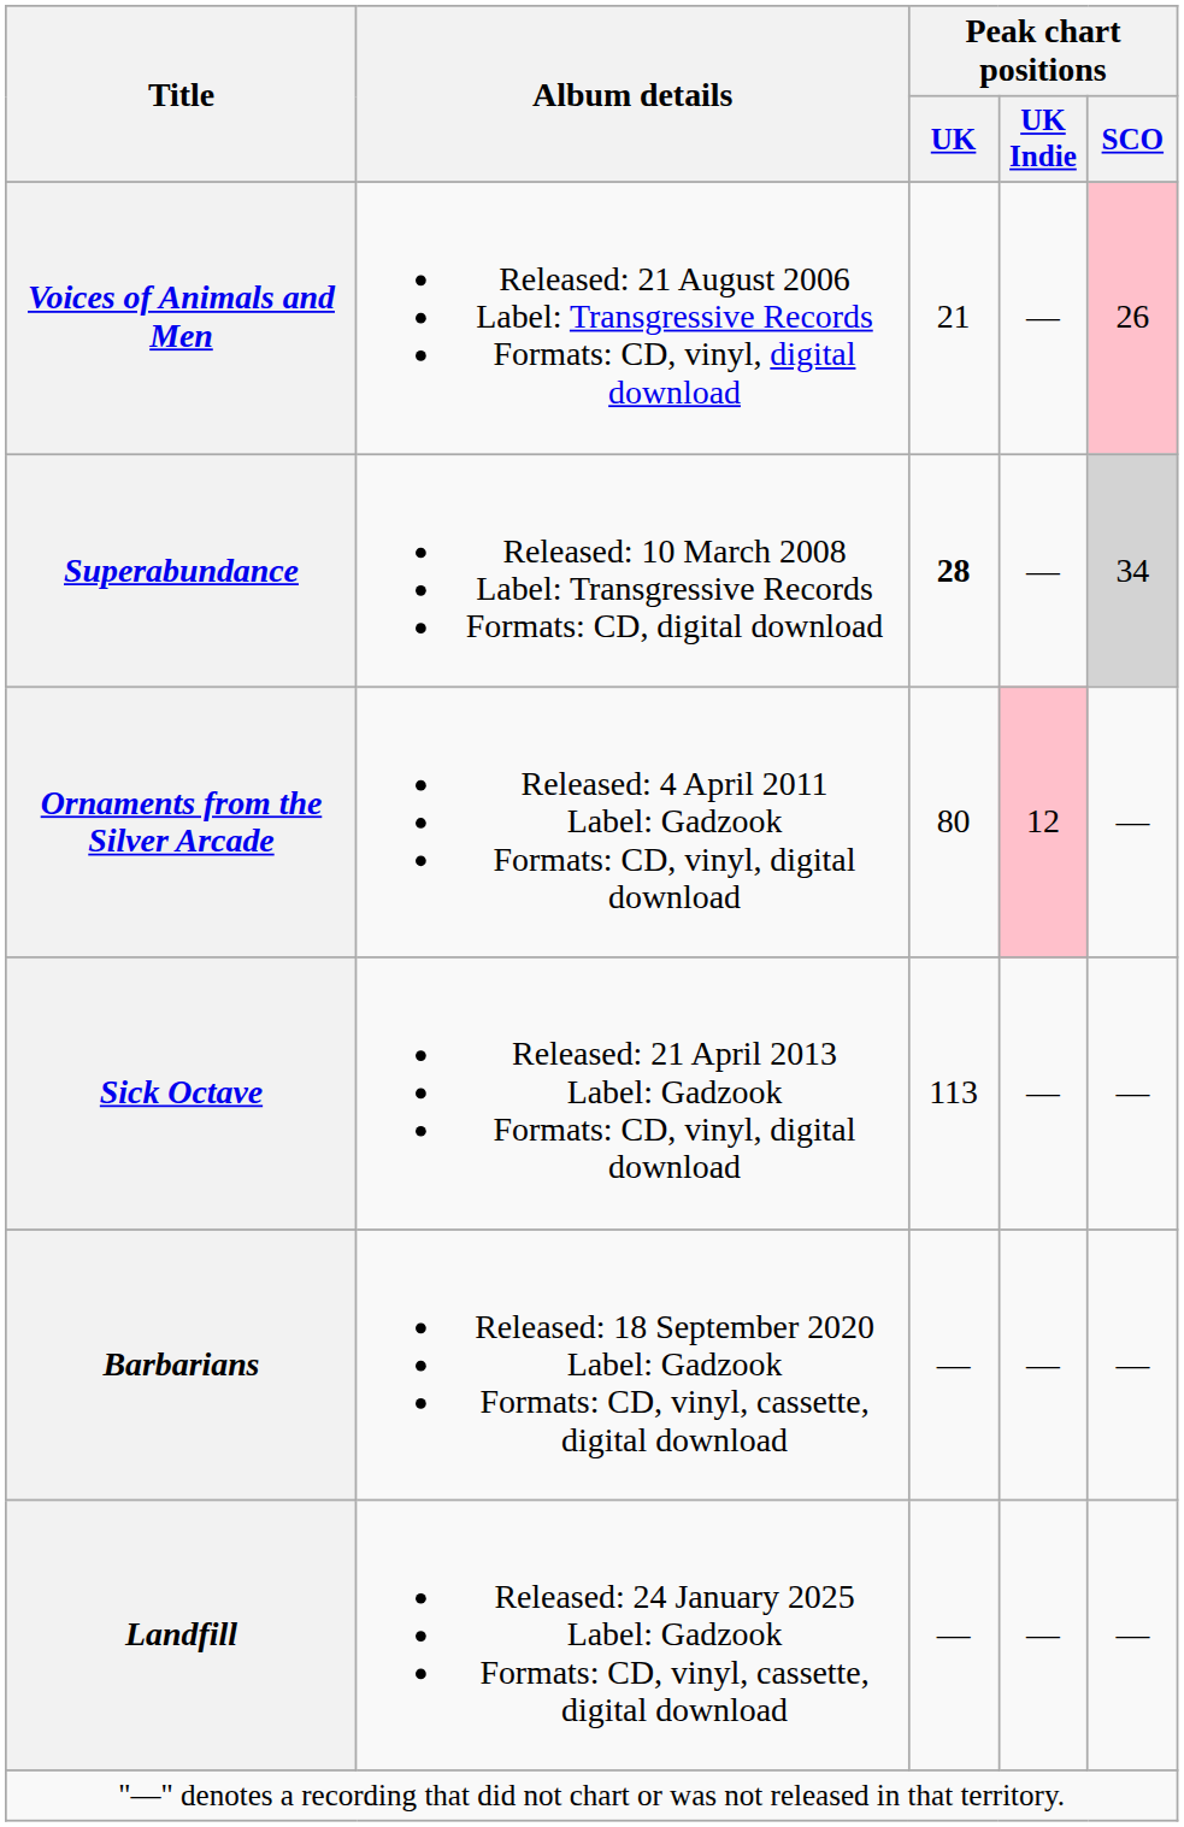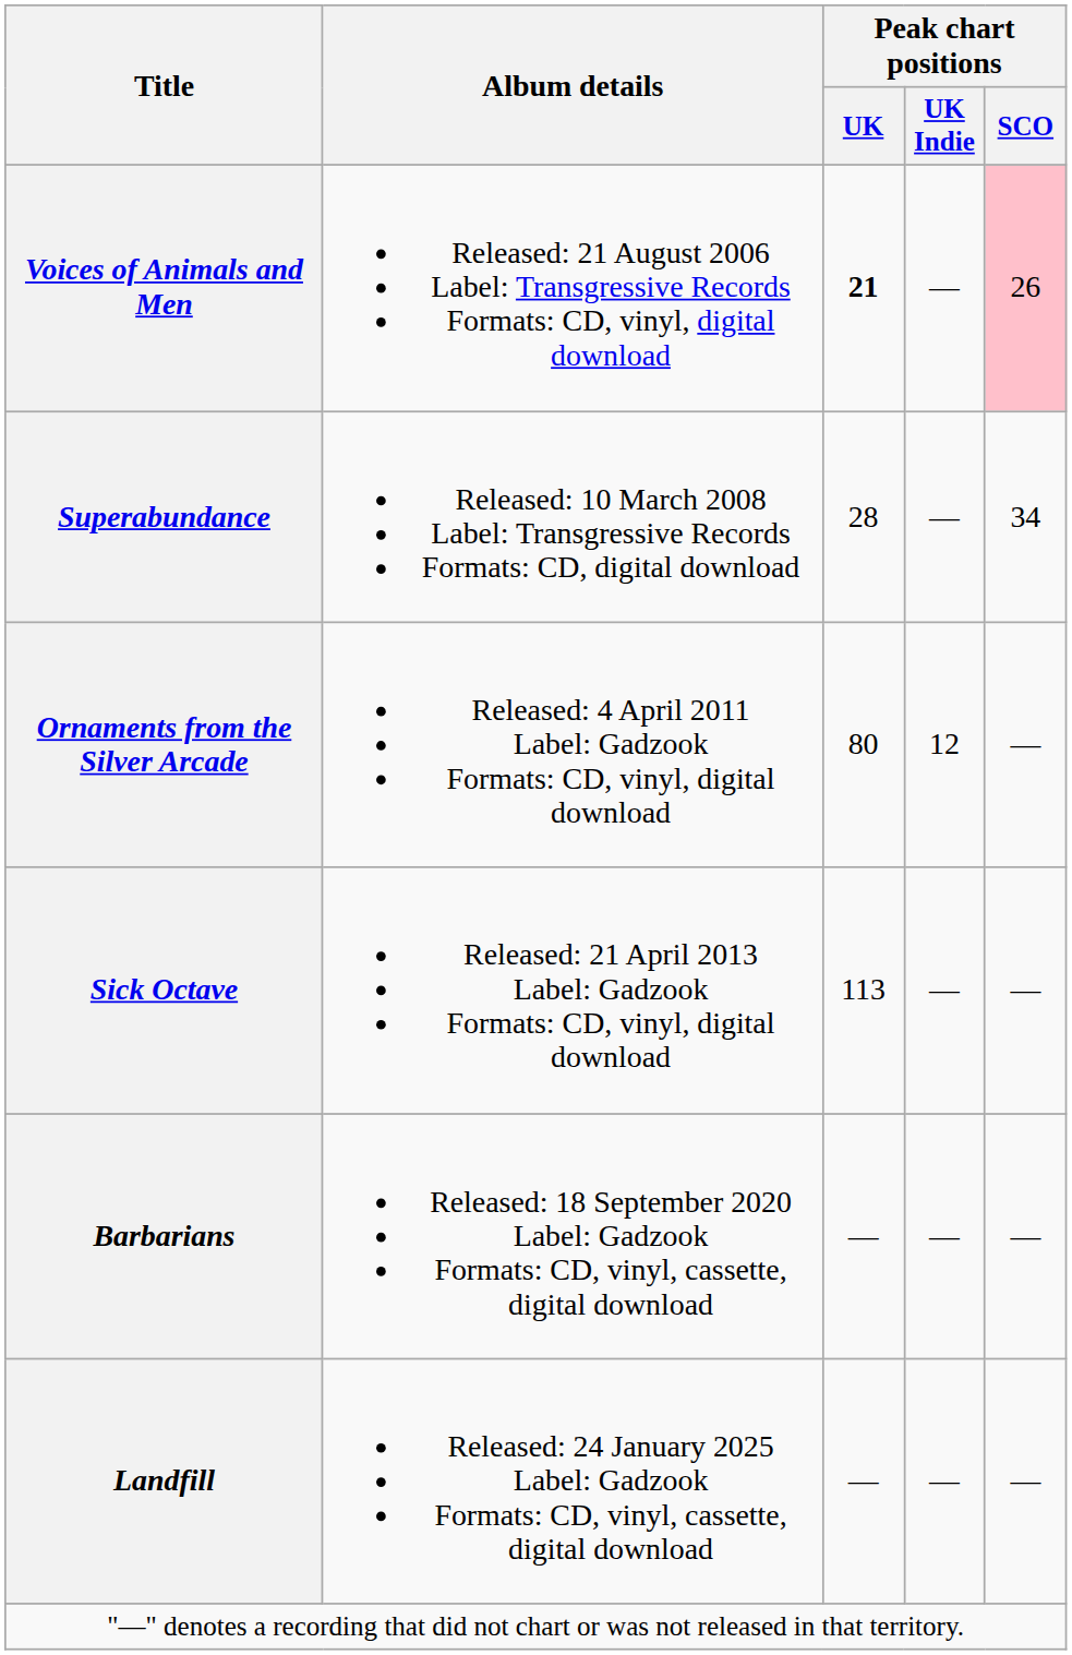 <table class="wikitable plainrowheaders" style="text-align:center;">
 <tr>
 <th scope="col" rowspan="2" style="width:10em;">Title</th>
 <th scope="col" rowspan="2" style="width:16em;">Album details</th>
 <th scope="col" colspan="3">Peak chart positions</th>
 </tr>
 <tr>
 <th scope="col" style="width:2.5em;font-size:90%;"><a href='#'>UK</a><br></th>
 <th scope="col" style="width:2.5em;font-size:90%;"><a href='#'>UK<br>Indie</a><br></th>
 <th scope="col" style="width:2.5em;font-size:90%;"><a href='#'>SCO</a><br></th>
 </tr>
 <tr>
 <th scope="row"><em><a href='#'>Voices of Animals and Men</a></em></th>
 <td><br><ul><li>Released: 21 August 2006</li><li>Label: <a href='#'>Transgressive Records</a></li><li>Formats: CD, vinyl, <a href='#'>digital download</a></li></ul></td>
-<td style="text-align:center;">21</td>
+<td style="text-align:center;"><strong>21</strong></td>
 <td style="text-align:center;">—</td>
 <td style="background: pink; text-align:center;">26</td>
 </tr>
 <tr>
 <th scope="row"><em><a href='#'>Superabundance</a></em></th>
 <td><br><ul><li>Released: 10 March 2008</li><li>Label: Transgressive Records</li><li>Formats: CD, digital download</li></ul></td>
-<td style="text-align:center;"><strong>28</strong></td>
+<td style="text-align:center;">28</td>
 <td style="text-align:center;">—</td>
-<td style="background: lightgrey; text-align:center;">34</td>
+<td style="text-align:center;">34</td>
 </tr>
 <tr>
 <th scope="row"><em><a href='#'>Ornaments from the Silver Arcade</a></em></th>
 <td><br><ul><li>Released: 4 April 2011</li><li>Label: Gadzook</li><li>Formats: CD, vinyl, digital download</li></ul></td>
 <td style="text-align:center;">80</td>
-<td style="background: pink; text-align:center;">12</td>
+<td style="text-align:center;">12</td>
 <td style="text-align:center;">—</td>
 </tr>
 <tr>
 <th scope="row"><em><a href='#'>Sick Octave</a></em></th>
 <td><br><ul><li>Released: 21 April 2013</li><li>Label: Gadzook</li><li>Formats: CD, vinyl, digital download</li></ul></td>
 <td style="text-align:center;">113</td>
 <td style="text-align:center;">—</td>
 <td style="text-align:center;">—</td>
 </tr>
 <tr>
 <th scope="row"><em>Barbarians</em></th>
 <td><br><ul><li>Released: 18 September 2020</li><li>Label: Gadzook</li><li>Formats: CD, vinyl, cassette, digital download</li></ul></td>
 <td style="text-align:center;">—</td>
 <td style="text-align:center;">—</td>
 <td style="text-align:center;">—</td>
 </tr>
 <tr>
 <th scope="row"><em>Landfill</em></th>
 <td><br><ul><li>Released: 24 January 2025</li><li>Label: Gadzook</li><li>Formats: CD, vinyl, cassette, digital download</li></ul></td>
 <td style="text-align:center;">—</td>
 <td style="text-align:center;">—</td>
 <td style="text-align:center;">—</td>
 </tr>
 <tr>
 <td colspan="6" style="font-size:90%">"—" denotes a recording that did not chart or was not released in that territory.</td>
 </tr>
 </table>
